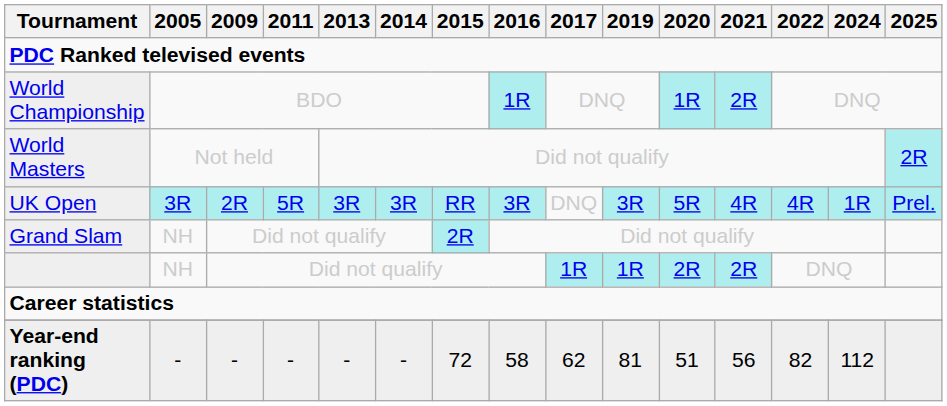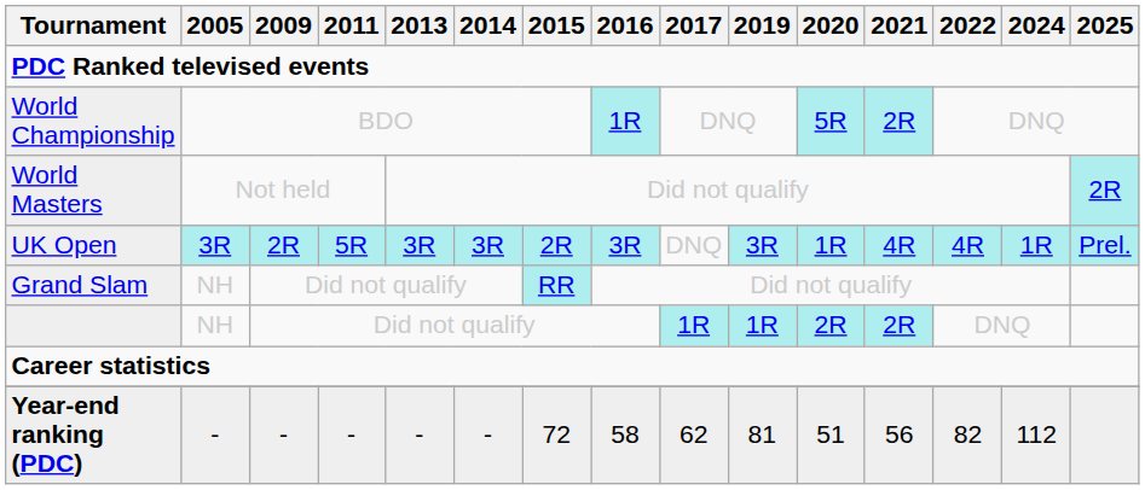 <table class="wikitable" style="width:20%; margin:0">
 <tr>
 <th>Tournament</th>
 <th>2005</th>
 <th>2009</th>
 <th>2011</th>
 <th>2013</th>
 <th>2014</th>
 <th>2015</th>
 <th>2016</th>
 <th>2017</th>
 <th>2019</th>
 <th>2020</th>
 <th>2021</th>
 <th>2022</th>
 <th>2024</th>
 <th>2025</th>
 </tr>
 <tr>
 <td colspan="31" align="left"><strong><a href='#'>PDC</a> Ranked televised events</strong></td>
 </tr>
 <tr>
 <td style="background:#efefef;"><a href='#'>World Championship</a></td>
 <td colspan="6" style="text-align:center; color:#ccc;">BDO</td>
 <td style="text-align:center; background:#afeeee;"><a href='#'>1R</a></td>
 <td colspan="2" style="text-align:center; color:#ccc;">DNQ</td>
-<td style="text-align:center; background:#afeeee;"><a href='#'>1R</a></td>
+<td style="text-align:center; background:#afeeee;"><a href='#'>5R</a></td>
 <td style="text-align:center; background:#afeeee;"><a href='#'>2R</a></td>
 <td colspan="3" style="text-align:center; color:#ccc;">DNQ</td>
 </tr>
 <tr>
 <td style="background:#efefef;"><a href='#'>World Masters</a></td>
 <td colspan="3" style="text-align:center; color:#ccc;">Not held</td>
 <td colspan="10" style="text-align:center; color:#ccc;">Did not qualify</td>
 <td style="text-align:center; background:#afeeee;"><a href='#'>2R</a></td>
 </tr>
 <tr>
 <td style="background:#efefef;"><a href='#'>UK Open</a></td>
 <td style="text-align:center; background:#afeeee;"><a href='#'>3R</a></td>
 <td style="text-align:center; background:#afeeee;"><a href='#'>2R</a></td>
 <td style="text-align:center; background:#afeeee;"><a href='#'>5R</a></td>
 <td style="text-align:center; background:#afeeee;"><a href='#'>3R</a></td>
 <td style="text-align:center; background:#afeeee;"><a href='#'>3R</a></td>
-<td style="text-align:center; background:#afeeee;"><a href='#'>RR</a></td>
+<td style="text-align:center; background:#afeeee;"><a href='#'>2R</a></td>
 <td style="text-align:center; background:#afeeee;"><a href='#'>3R</a></td>
 <td style="text-align:center; color:#ccc;">DNQ</td>
 <td style="text-align:center; background:#afeeee;"><a href='#'>3R</a></td>
-<td style="text-align:center; background:#afeeee;"><a href='#'>5R</a></td>
+<td style="text-align:center; background:#afeeee;"><a href='#'>1R</a></td>
 <td style="text-align:center; background:#afeeee;"><a href='#'>4R</a></td>
 <td style="text-align:center; background:#afeeee;"><a href='#'>4R</a></td>
 <td style="text-align:center; background:#afeeee;"><a href='#'>1R</a></td>
 <td style="text-align:center; background:#afeeee;"><a href='#'>Prel.</a></td>
 </tr>
 <tr>
 <td style="background:#efefef;"><a href='#'>Grand Slam</a></td>
 <td style="text-align:center; color:#ccc;">NH</td>
 <td colspan="4" style="text-align:center; color:#ccc;">Did not qualify</td>
-<td style="text-align:center; background:#afeeee;"><a href='#'>2R</a></td>
+<td style="text-align:center; background:#afeeee;"><a href='#'>RR</a></td>
 <td colspan="7" style="text-align:center; color:#ccc;">Did not qualify</td>
 <td></td>
 </tr>
 <tr>
 <td style="background:#efefef;"></td>
 <td style="text-align:center; color:#ccc;">NH</td>
 <td colspan="6" style="text-align:center; color:#ccc;">Did not qualify</td>
 <td style="text-align:center; background:#afeeee;"><a href='#'>1R</a></td>
 <td style="text-align:center; background:#afeeee;"><a href='#'>1R</a></td>
 <td style="text-align:center; background:#afeeee;"><a href='#'>2R</a></td>
 <td style="text-align:center; background:#afeeee;"><a href='#'>2R</a></td>
 <td colspan="2" style="text-align:center; color:#ccc;">DNQ</td>
 <td></td>
 </tr>
 <tr>
 <td colspan="25" align="left"><strong>Career statistics</strong></td>
 </tr>
 <tr>
 </tr>
 <tr bgcolor="efefef">
 <td align="left"><strong>Year-end ranking (<a href='#'>PDC</a>)</strong></td>
 <td style="text-align:center;">-</td>
 <td style="text-align:center;">-</td>
 <td style="text-align:center;">-</td>
 <td style="text-align:center;">-</td>
 <td style="text-align:center;">-</td>
 <td style="text-align:center;">72</td>
 <td style="text-align:center;">58</td>
 <td style="text-align:center;">62</td>
 <td style="text-align:center;">81</td>
 <td style="text-align:center;">51</td>
 <td style="text-align:center;">56</td>
 <td style="text-align:center;">82</td>
 <td style="text-align:center;">112</td>
 <td></td>
 </tr>
 </table>
